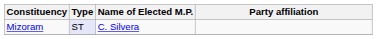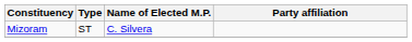 <table class="wikitable" style="font-size:95%;">
 <tr>
 <th>Constituency</th>
 <th>Type</th>
 <th>Name of Elected M.P.</th>
 <th colspan="2" style="width:18em">Party affiliation</th>
 </tr>
 <tr>
 <td><a href='#'>Mizoram</a></td>
-<td style="background: lavender;">ST</td>
+<td>ST</td>
 <td><a href='#'>C. Silvera</a></td>
 <td></td>
 </tr>
 <tr>
 </tr>
 </table>
